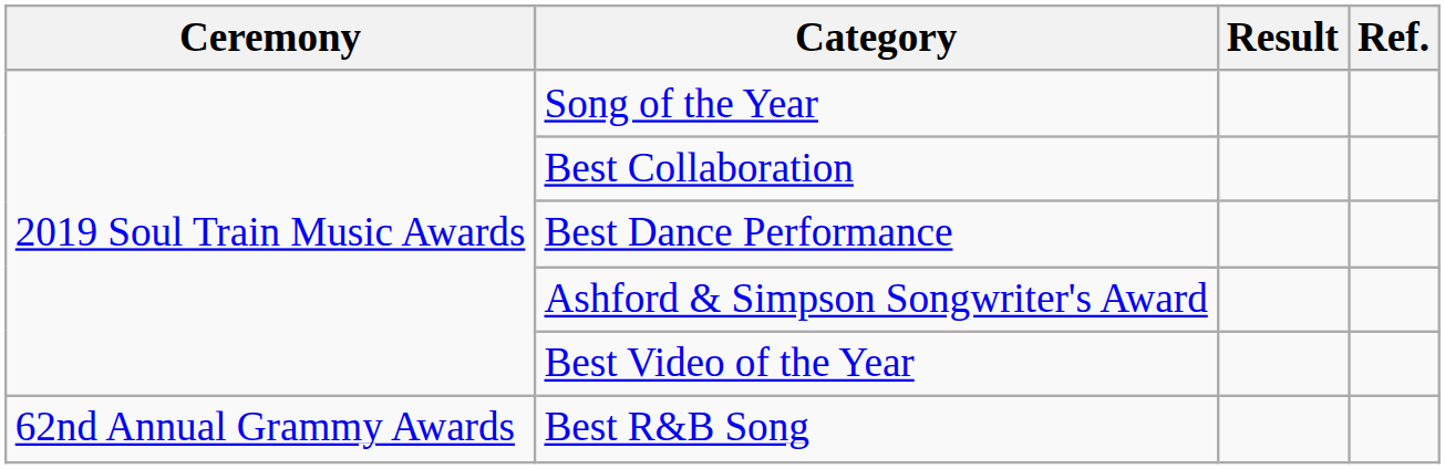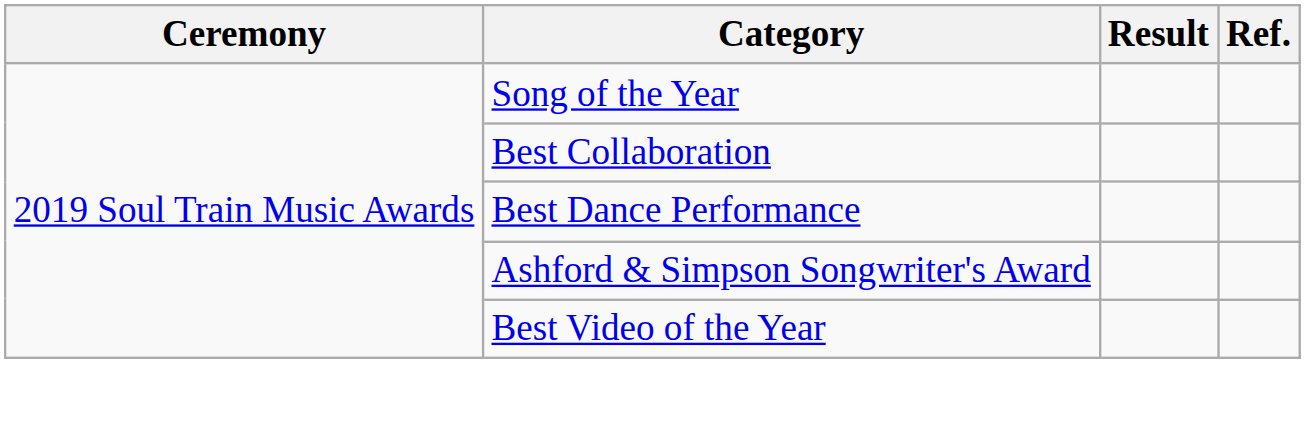 <table class="wikitable">
 <tr>
 <th>Ceremony</th>
 <th>Category</th>
 <th>Result</th>
 <th>Ref.</th>
 </tr>
 <tr>
 <td rowspan="5"><a href='#'>2019 Soul Train Music Awards</a></td>
 <td><a href='#'>Song of the Year</a></td>
 <td></td>
 <td style="text-align:center;"></td>
 </tr>
 <tr>
 <td><a href='#'>Best Collaboration</a></td>
 <td></td>
 <td style="text-align:center;"></td>
 </tr>
 <tr>
 <td><a href='#'>Best Dance Performance</a></td>
 <td></td>
 <td style="text-align:center;"></td>
 </tr>
 <tr>
 <td><a href='#'>Ashford & Simpson Songwriter's Award</a></td>
 <td></td>
 <td style="text-align:center;"></td>
 </tr>
 <tr>
 <td><a href='#'>Best Video of the Year</a></td>
 <td></td>
 <td style="text-align:center;"></td>
 </tr>
-<tr>
-<td><a href='#'>62nd Annual Grammy Awards</a></td>
-<td><a href='#'>Best R&B Song</a></td>
-<td></td>
-<td style="text-align:center;"></td>
-</tr>
 </table>
